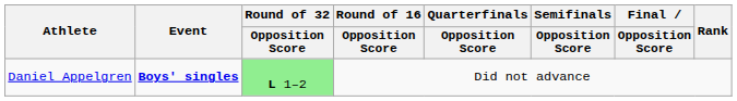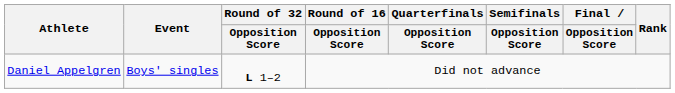 <table class=wikitable style="font-size:90%">
 <tr>
 <th rowspan="2">Athlete</th>
 <th rowspan="2">Event</th>
 <th>Round of 32</th>
 <th>Round of 16</th>
 <th>Quarterfinals</th>
 <th>Semifinals</th>
 <th>Final / </th>
 <th rowspan=2>Rank</th>
 </tr>
 <tr style="font-size:95%">
 <th>Opposition<br>Score</th>
 <th>Opposition<br>Score</th>
 <th>Opposition<br>Score</th>
 <th>Opposition<br>Score</th>
 <th>Opposition<br>Score</th>
 </tr>
 <tr align=center>
 <td align=left><a href='#'>Daniel Appelgren</a></td>
-<td align=left><strong><a href='#'>Boys' singles</a></strong></td>
-<td style="background: lightgreen;"><br><strong>L</strong> 1–2</td>
+<td align=left><a href='#'>Boys' singles</a></td>
+<td><br><strong>L</strong> 1–2</td>
 <td colspan=5>Did not advance</td>
 </tr>
 </table>
